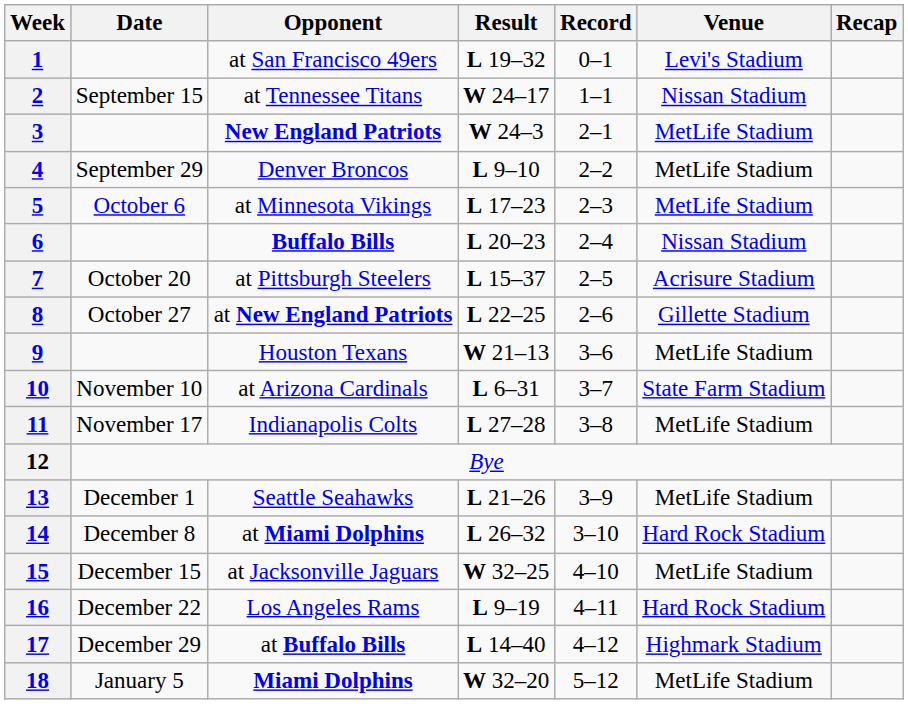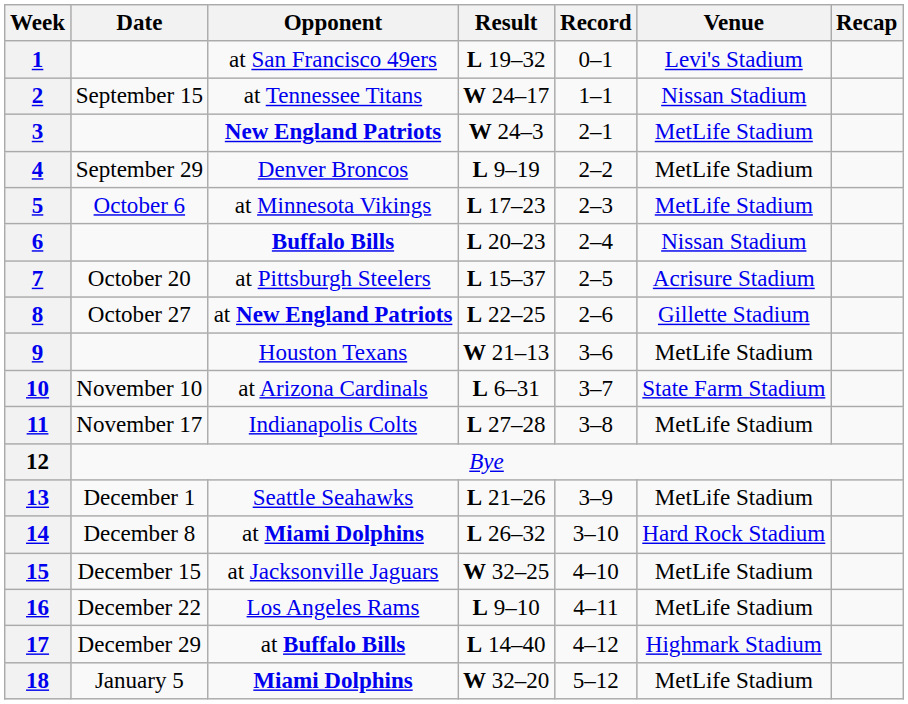 <table class="wikitable" style="text-align:center">
 <tr>
 <th>Week</th>
 <th>Date</th>
 <th>Opponent</th>
 <th>Result</th>
 <th>Record</th>
 <th>Venue</th>
 <th>Recap</th>
 </tr>
 <tr>
 <th><a href='#'>1</a></th>
 <td></td>
 <td>at <a href='#'>San Francisco 49ers</a></td>
 <td><strong>L</strong> 19–32</td>
 <td>0–1</td>
 <td><a href='#'>Levi's Stadium</a></td>
 <td></td>
 </tr>
 <tr>
 <th><a href='#'>2</a></th>
 <td>September 15</td>
 <td>at <a href='#'>Tennessee Titans</a></td>
 <td><strong>W</strong> 24–17</td>
 <td>1–1</td>
 <td><a href='#'>Nissan Stadium</a></td>
 <td></td>
 </tr>
 <tr>
 <th><a href='#'>3</a></th>
 <td></td>
 <td><a href='#'><strong>New England Patriots</strong></a></td>
 <td><strong>W</strong> 24–3</td>
 <td>2–1</td>
 <td><a href='#'>MetLife Stadium</a></td>
 <td></td>
 </tr>
 <tr>
 <th><a href='#'>4</a></th>
 <td>September 29</td>
 <td><a href='#'>Denver Broncos</a></td>
-<td><strong>L</strong> 9–10</td>
+<td><strong>L</strong> 9–19</td>
 <td>2–2</td>
 <td>MetLife Stadium</td>
 <td></td>
 </tr>
 <tr>
 <th><a href='#'>5</a></th>
 <td><a href='#'>October 6</a></td>
 <td>at <a href='#'>Minnesota Vikings</a></td>
 <td><strong>L</strong> 17–23</td>
 <td>2–3</td>
 <td><a href='#'>MetLife Stadium</a></td>
 <td></td>
 </tr>
 <tr>
 <th><a href='#'>6</a></th>
 <td></td>
 <td><a href='#'><strong>Buffalo Bills</strong></a></td>
 <td><strong>L</strong> 20–23</td>
 <td>2–4</td>
 <td><a href='#'>Nissan Stadium</a></td>
 <td></td>
 </tr>
 <tr>
 <th><a href='#'>7</a></th>
 <td>October 20</td>
 <td>at <a href='#'>Pittsburgh Steelers</a></td>
 <td><strong>L</strong> 15–37</td>
 <td>2–5</td>
 <td><a href='#'>Acrisure Stadium</a></td>
 <td></td>
 </tr>
 <tr>
 <th><a href='#'>8</a></th>
 <td>October 27</td>
 <td>at <a href='#'><strong>New England Patriots</strong></a></td>
 <td><strong>L</strong> 22–25</td>
 <td>2–6</td>
 <td><a href='#'>Gillette Stadium</a></td>
 <td></td>
 </tr>
 <tr>
 <th><a href='#'>9</a></th>
 <td></td>
 <td><a href='#'>Houston Texans</a></td>
 <td><strong>W</strong> 21–13</td>
 <td>3–6</td>
 <td>MetLife Stadium</td>
 <td></td>
 </tr>
 <tr>
 <th><a href='#'>10</a></th>
 <td>November 10</td>
 <td>at <a href='#'>Arizona Cardinals</a></td>
 <td><strong>L</strong> 6–31</td>
 <td>3–7</td>
 <td><a href='#'>State Farm Stadium</a></td>
 <td></td>
 </tr>
 <tr>
 <th><a href='#'>11</a></th>
 <td>November 17</td>
 <td><a href='#'>Indianapolis Colts</a></td>
 <td><strong>L</strong> 27–28</td>
 <td>3–8</td>
 <td>MetLife Stadium</td>
 <td></td>
 </tr>
 <tr>
 <th>12</th>
 <td colspan="6"><em><a href='#'>Bye</a></em></td>
 </tr>
 <tr>
 <th><a href='#'>13</a></th>
 <td>December 1</td>
 <td><a href='#'>Seattle Seahawks</a></td>
 <td><strong>L</strong> 21–26</td>
 <td>3–9</td>
 <td>MetLife Stadium</td>
 <td></td>
 </tr>
 <tr>
 <th><a href='#'>14</a></th>
 <td>December 8</td>
 <td>at <a href='#'><strong>Miami Dolphins</strong></a></td>
 <td><strong>L</strong> 26–32 </td>
 <td>3–10</td>
 <td><a href='#'>Hard Rock Stadium</a></td>
 <td></td>
 </tr>
 <tr>
 <th><a href='#'>15</a></th>
 <td>December 15</td>
 <td>at <a href='#'>Jacksonville Jaguars</a></td>
 <td><strong>W</strong> 32–25</td>
 <td>4–10</td>
 <td>MetLife Stadium</td>
 <td></td>
 </tr>
 <tr>
 <th><a href='#'>16</a></th>
 <td>December 22</td>
 <td><a href='#'>Los Angeles Rams</a></td>
-<td><strong>L</strong> 9–19</td>
+<td><strong>L</strong> 9–10</td>
 <td>4–11</td>
-<td><a href='#'>Hard Rock Stadium</a></td>
+<td>MetLife Stadium</td>
 <td></td>
 </tr>
 <tr>
 <th><a href='#'>17</a></th>
 <td>December 29</td>
 <td>at <a href='#'><strong>Buffalo Bills</strong></a></td>
 <td><strong>L</strong> 14–40</td>
 <td>4–12</td>
 <td><a href='#'>Highmark Stadium</a></td>
 <td></td>
 </tr>
 <tr>
 <th><a href='#'>18</a></th>
 <td>January 5</td>
 <td><a href='#'><strong>Miami Dolphins</strong></a></td>
 <td><strong>W</strong> 32–20</td>
 <td>5–12</td>
 <td>MetLife Stadium</td>
 <td></td>
 </tr>
 </table>
